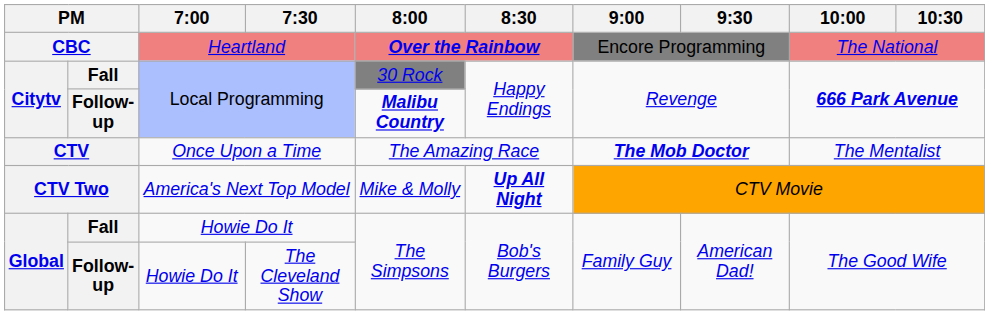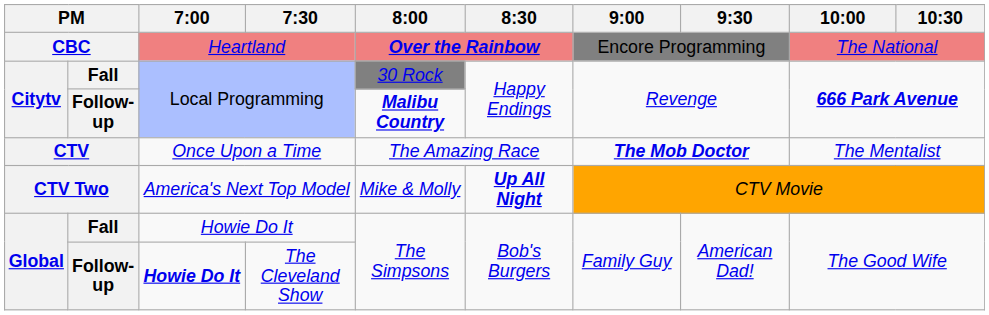 <table class="wikitable" style="width:100%;margin-right:0;text-align:center">
 <tr>
 <th colspan="2" style="width:10%;">PM</th>
 <th style="width:11.5%;">7:00</th>
 <th style="width:11.5%;">7:30</th>
 <th colspan="2" ! style="width:11.5%;">8:00</th>
 <th style="width:11.5%;">8:30</th>
 <th style="width:11.5%;">9:00</th>
 <th style="width:11.5%;">9:30</th>
 <th style="width:11.5%;">10:00</th>
 <th style="width:11.5%;">10:30</th>
 </tr>
 <tr>
 <th colspan="2"><a href='#'>CBC</a></th>
 <td colspan="2" style="background:#f08080;"><em><a href='#'>Heartland</a></em></td>
 <td colspan="3" style="background:#f08080;"><strong><em><a href='#'>Over the Rainbow</a></em></strong></td>
 <td colspan="2" style="background:gray;">Encore Programming</td>
 <td colspan="2" style="background:#f08080;"><em><a href='#'>The National</a></em></td>
 </tr>
 <tr>
 <th rowspan="2"><a href='#'>Citytv</a></th>
 <th>Fall</th>
 <td colspan="2" bgcolor="#abbfff" rowspan=2>Local Programming</td>
 <td bgcolor="gray" colspan=2><em><a href='#'>30 Rock</a></em></td>
 <td rowspan=2><em><a href='#'>Happy Endings</a></em></td>
 <td colspan="2" rowspan=2><em><a href='#'>Revenge</a></em></td>
 <td colspan="2" rowspan=2><strong><em><a href='#'>666 Park Avenue</a></em></strong></td>
 </tr>
 <tr>
 <th>Follow-up</th>
 <td colspan="2"><strong><em><a href='#'>Malibu Country</a></em></strong></td>
 </tr>
 <tr>
 <th colspan="2"><a href='#'>CTV</a></th>
 <td colspan="2"><em><a href='#'>Once Upon a Time</a></em></td>
 <td colspan="3"><em><a href='#'>The Amazing Race</a></em></td>
 <td colspan="2"><strong><em><a href='#'>The Mob Doctor</a></em></strong></td>
 <td colspan="2"><em><a href='#'>The Mentalist</a></em></td>
 </tr>
 <tr>
 <th colspan="2"><a href='#'>CTV Two</a></th>
 <td colspan="2"><em><a href='#'>America's Next Top Model</a></em></td>
 <td colspan="2"><em><a href='#'>Mike & Molly</a></em></td>
 <td><strong><em><a href='#'>Up All Night</a></em></strong></td>
 <td colspan="4" bgcolor="orange"><em>CTV Movie</em></td>
 </tr>
 <tr>
 <th rowspan="2"><a href='#'>Global</a></th>
 <th>Fall</th>
 <td colspan="2"><em><a href='#'>Howie Do It</a></em></td>
 <td colspan="2" rowspan="2"><em><a href='#'>The Simpsons</a></em></td>
 <td rowspan="2"><em><a href='#'>Bob's Burgers</a></em></td>
 <td rowspan="2"><em><a href='#'>Family Guy</a></em></td>
 <td rowspan="2"><em><a href='#'>American Dad!</a></em></td>
 <td colspan="2" rowspan="2"><em><a href='#'>The Good Wife</a></em></td>
 </tr>
 <tr>
 <th>Follow-up</th>
-<td><em><a href='#'>Howie Do It</a></em></td>
+<td><strong><em><a href='#'>Howie Do It</a></em></strong></td>
 <td><em><a href='#'>The Cleveland Show</a></em></td>
 </tr>
 </table>
